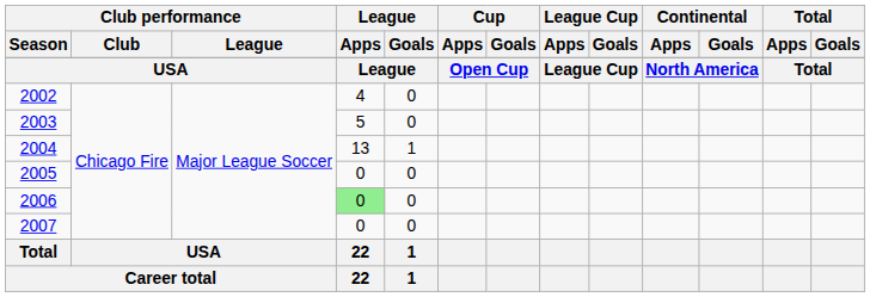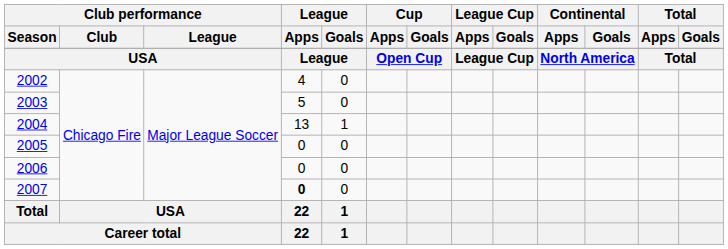 <table class="wikitable" style="text-align:center">
 <tr>
 <th colspan=3>Club performance</th>
 <th colspan=2>League</th>
 <th colspan=2>Cup</th>
 <th colspan=2>League Cup</th>
 <th colspan=2>Continental</th>
 <th colspan=2>Total</th>
 </tr>
 <tr>
 <th>Season</th>
 <th>Club</th>
 <th>League</th>
 <th>Apps</th>
 <th>Goals</th>
 <th>Apps</th>
 <th>Goals</th>
 <th>Apps</th>
 <th>Goals</th>
 <th>Apps</th>
 <th>Goals</th>
 <th>Apps</th>
 <th>Goals</th>
 </tr>
 <tr>
 </tr>
 <tr>
 <th colspan=3>USA</th>
 <th colspan=2>League</th>
 <th colspan=2><a href='#'>Open Cup</a></th>
 <th colspan=2>League Cup</th>
 <th colspan=2><a href='#'>North America</a></th>
 <th colspan=2>Total</th>
 </tr>
 <tr>
 <td><a href='#'>2002</a></td>
 <td rowspan="6"><a href='#'>Chicago Fire</a></td>
 <td rowspan="6"><a href='#'>Major League Soccer</a></td>
 <td>4</td>
 <td>0</td>
 <td></td>
 <td></td>
 <td></td>
 <td></td>
 <td></td>
 <td></td>
 <td></td>
 <td></td>
 </tr>
 <tr>
 <td><a href='#'>2003</a></td>
 <td>5</td>
 <td>0</td>
 <td></td>
 <td></td>
 <td></td>
 <td></td>
 <td></td>
 <td></td>
 <td></td>
 <td></td>
 </tr>
 <tr>
 <td><a href='#'>2004</a></td>
 <td>13</td>
 <td>1</td>
 <td></td>
 <td></td>
 <td></td>
 <td></td>
 <td></td>
 <td></td>
 <td></td>
 <td></td>
 </tr>
 <tr>
 <td><a href='#'>2005</a></td>
 <td>0</td>
 <td>0</td>
 <td></td>
 <td></td>
 <td></td>
 <td></td>
 <td></td>
 <td></td>
 <td></td>
 <td></td>
 </tr>
 <tr>
 <td><a href='#'>2006</a></td>
-<td style="background: lightgreen;">0</td>
+<td>0</td>
 <td>0</td>
 <td></td>
 <td></td>
 <td></td>
 <td></td>
 <td></td>
 <td></td>
 <td></td>
 <td></td>
 </tr>
 <tr>
 <td><a href='#'>2007</a></td>
-<td>0</td>
+<td><strong>0</strong></td>
 <td>0</td>
 <td></td>
 <td></td>
 <td></td>
 <td></td>
 <td></td>
 <td></td>
 <td></td>
 <td></td>
 </tr>
 <tr>
 <th rowspan=1>Total</th>
 <th colspan=2>USA</th>
 <th>22</th>
 <th>1</th>
 <th></th>
 <th></th>
 <th></th>
 <th></th>
 <th></th>
 <th></th>
 <th></th>
 <th></th>
 </tr>
 <tr>
 <th colspan=3>Career total</th>
 <th>22</th>
 <th>1</th>
 <th></th>
 <th></th>
 <th></th>
 <th></th>
 <th></th>
 <th></th>
 <th></th>
 <th></th>
 </tr>
 </table>
